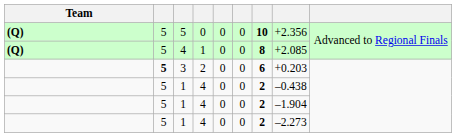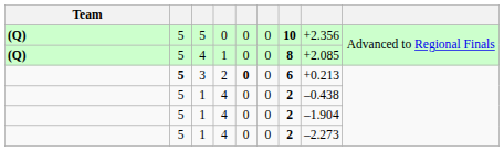 <table class="wikitable" style="text-align:center">
 <tr>
 <th width=200>Team</th>
 <th width=20></th>
 <th width=20></th>
 <th width=20></th>
 <th width=20></th>
 <th width=20></th>
 <th width=20></th>
 <th width=45></th>
 <th width=190></th>
 </tr>
 <tr style="background:#cfc">
 <td align="left"> <strong>(Q)</strong></td>
 <td>5</td>
 <td>5</td>
 <td>0</td>
 <td>0</td>
 <td>0</td>
 <td><strong>10</strong></td>
 <td>+2.356</td>
 <td rowspan=2>Advanced to <a href='#'>Regional Finals</a></td>
 </tr>
 <tr style="background:#cfc">
 <td align="left"> <strong>(Q)</strong></td>
 <td>5</td>
 <td>4</td>
 <td>1</td>
 <td>0</td>
 <td>0</td>
 <td><strong>8</strong></td>
 <td>+2.085</td>
 </tr>
 <tr>
 <td align="left"></td>
 <td><strong>5</strong></td>
 <td>3</td>
 <td>2</td>
-<td>0</td>
+<td><strong>0</strong></td>
 <td>0</td>
 <td><strong>6</strong></td>
-<td>+0.203</td>
+<td>+0.213</td>
 <td rowspan=4></td>
 </tr>
 <tr>
 <td align="left"></td>
 <td>5</td>
 <td>1</td>
 <td>4</td>
 <td>0</td>
 <td>0</td>
 <td><strong>2</strong></td>
 <td>–0.438</td>
 </tr>
 <tr>
 <td align="left"></td>
 <td>5</td>
 <td>1</td>
 <td>4</td>
 <td>0</td>
 <td>0</td>
 <td><strong>2</strong></td>
 <td>–1.904</td>
 </tr>
 <tr>
 <td align="left"></td>
 <td>5</td>
 <td>1</td>
 <td>4</td>
 <td>0</td>
 <td>0</td>
 <td><strong>2</strong></td>
 <td>–2.273</td>
 </tr>
 </table>
